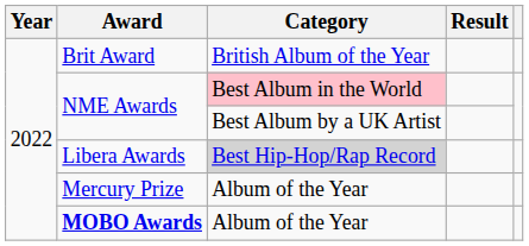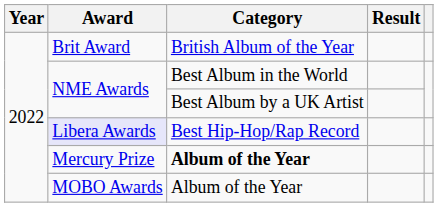 <table class="wikitable">
 <tr>
 <th>Year</th>
 <th>Award</th>
 <th>Category</th>
 <th>Result</th>
 <th scope="col" class="unsortable"></th>
 </tr>
 <tr>
 <td rowspan="6">2022</td>
 <td><a href='#'>Brit Award</a></td>
 <td><a href='#'>British Album of the Year</a></td>
 <td></td>
 <td></td>
 </tr>
 <tr>
 <td rowspan="2"><a href='#'>NME Awards</a></td>
-<td style="background: pink;">Best Album in the World</td>
+<td>Best Album in the World</td>
 <td></td>
 <td rowspan="2"></td>
 </tr>
 <tr>
 <td>Best Album by a UK Artist</td>
 <td></td>
 </tr>
 <tr>
-<td><a href='#'>Libera Awards</a></td>
-<td style="background: lightgrey;"><a href='#'>Best Hip-Hop/Rap Record</a></td>
+<td style="background: lavender;"><a href='#'>Libera Awards</a></td>
+<td><a href='#'>Best Hip-Hop/Rap Record</a></td>
 <td></td>
 <td></td>
 </tr>
 <tr>
 <td><a href='#'>Mercury Prize</a></td>
-<td>Album of the Year</td>
+<td><strong>Album of the Year</strong></td>
 <td></td>
 <td></td>
 </tr>
 <tr>
-<td><strong><a href='#'>MOBO Awards</a></strong></td>
+<td><a href='#'>MOBO Awards</a></td>
 <td>Album of the Year</td>
 <td></td>
 <td></td>
 </tr>
 </table>
